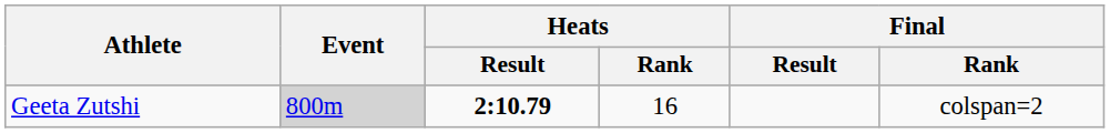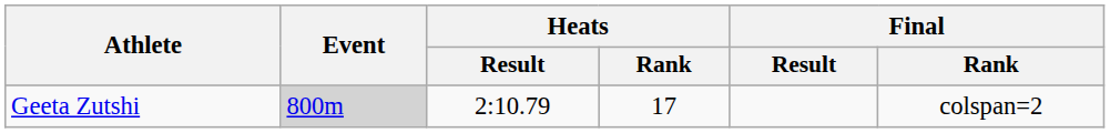 <table class="wikitable" style="font-size:90%; width:50%">
 <tr>
 <th rowspan="2">Athlete</th>
 <th rowspan="2">Event</th>
 <th colspan="2">Heats</th>
 <th colspan="2">Final</th>
 </tr>
 <tr style="font-size:95%">
 <th>Result</th>
 <th>Rank</th>
 <th>Result</th>
 <th>Rank</th>
 </tr>
 <tr style="text-align:center">
 <td style="text-align:left"><a href='#'>Geeta Zutshi</a></td>
 <td style="background: lightgrey; text-align:left"><a href='#'>800m</a></td>
-<td><strong>2:10.79</strong></td>
-<td>16</td>
+<td>2:10.79</td>
+<td>17</td>
 <td></td>
 <td>colspan=2 </td>
 </tr>
 </table>
